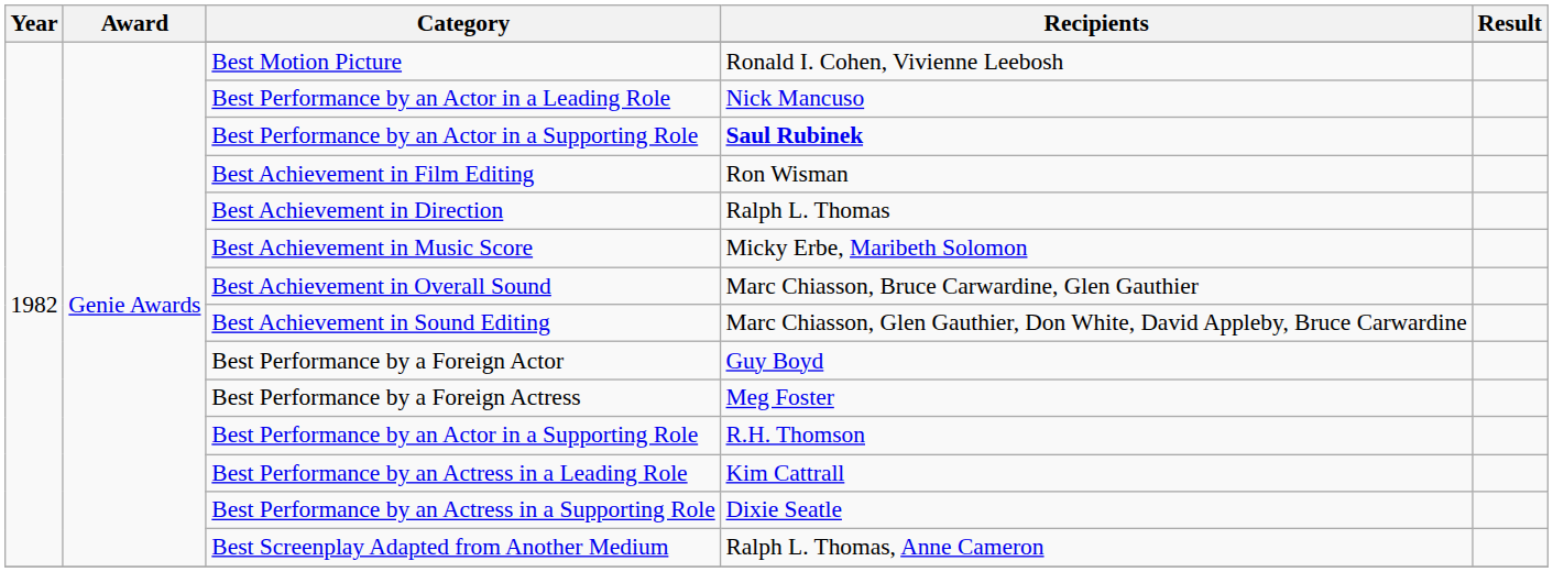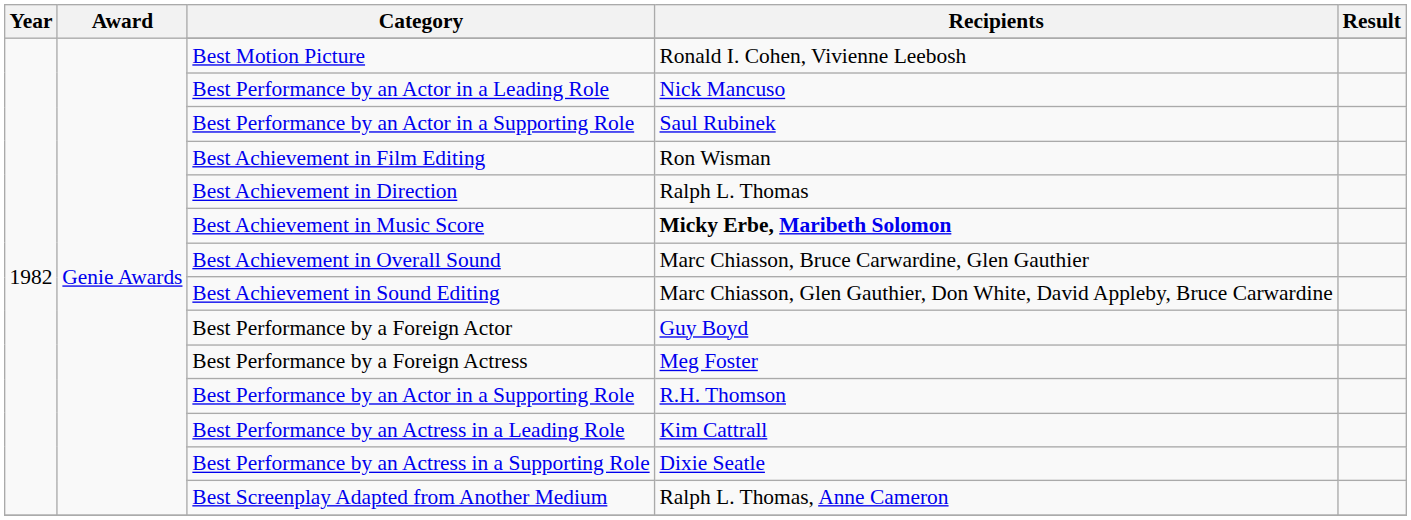 <table class="wikitable sortable plainrowheaders">
 <tr>
 <th>Year</th>
 <th>Award</th>
 <th>Category</th>
 <th>Recipients</th>
 <th>Result</th>
 </tr>
 <tr>
 <td rowspan="15">1982</td>
 <td rowspan="15"><a href='#'>Genie Awards</a></td>
 </tr>
 <tr>
 <td><a href='#'>Best Motion Picture</a></td>
 <td>Ronald I. Cohen, Vivienne Leebosh</td>
 <td></td>
 </tr>
 <tr>
 <td><a href='#'>Best Performance by an Actor in a Leading Role</a></td>
 <td><a href='#'>Nick Mancuso</a></td>
 <td></td>
 </tr>
 <tr>
 <td><a href='#'>Best Performance by an Actor in a Supporting Role</a></td>
-<td><strong><a href='#'>Saul Rubinek</a></strong></td>
+<td><a href='#'>Saul Rubinek</a></td>
 <td></td>
 </tr>
 <tr>
 <td><a href='#'>Best Achievement in Film Editing</a></td>
 <td>Ron Wisman</td>
 <td></td>
 </tr>
 <tr>
 <td><a href='#'>Best Achievement in Direction</a></td>
 <td>Ralph L. Thomas</td>
 <td></td>
 </tr>
 <tr>
 <td><a href='#'>Best Achievement in Music Score</a></td>
-<td>Micky Erbe, <a href='#'>Maribeth Solomon</a></td>
+<td><strong>Micky Erbe, <a href='#'>Maribeth Solomon</a></strong></td>
 <td></td>
 </tr>
 <tr>
 <td><a href='#'>Best Achievement in Overall Sound</a></td>
 <td>Marc Chiasson, Bruce Carwardine, Glen Gauthier</td>
 <td></td>
 </tr>
 <tr>
 <td><a href='#'>Best Achievement in Sound Editing</a></td>
 <td>Marc Chiasson, Glen Gauthier, Don White, David Appleby, Bruce Carwardine</td>
 <td></td>
 </tr>
 <tr>
 <td>Best Performance by a Foreign Actor</td>
 <td><a href='#'>Guy Boyd</a></td>
 <td></td>
 </tr>
 <tr>
 <td>Best Performance by a Foreign Actress</td>
 <td><a href='#'>Meg Foster</a></td>
 <td></td>
 </tr>
 <tr>
 <td><a href='#'>Best Performance by an Actor in a Supporting Role</a></td>
 <td><a href='#'>R.H. Thomson</a></td>
 <td></td>
 </tr>
 <tr>
 <td><a href='#'>Best Performance by an Actress in a Leading Role</a></td>
 <td><a href='#'>Kim Cattrall</a></td>
 <td></td>
 </tr>
 <tr>
 <td><a href='#'>Best Performance by an Actress in a Supporting Role</a></td>
 <td><a href='#'>Dixie Seatle</a></td>
 <td></td>
 </tr>
 <tr>
 <td><a href='#'>Best Screenplay Adapted from Another Medium</a></td>
 <td>Ralph L. Thomas, <a href='#'>Anne Cameron</a></td>
 <td></td>
 </tr>
 <tr>
 </tr>
 </table>
